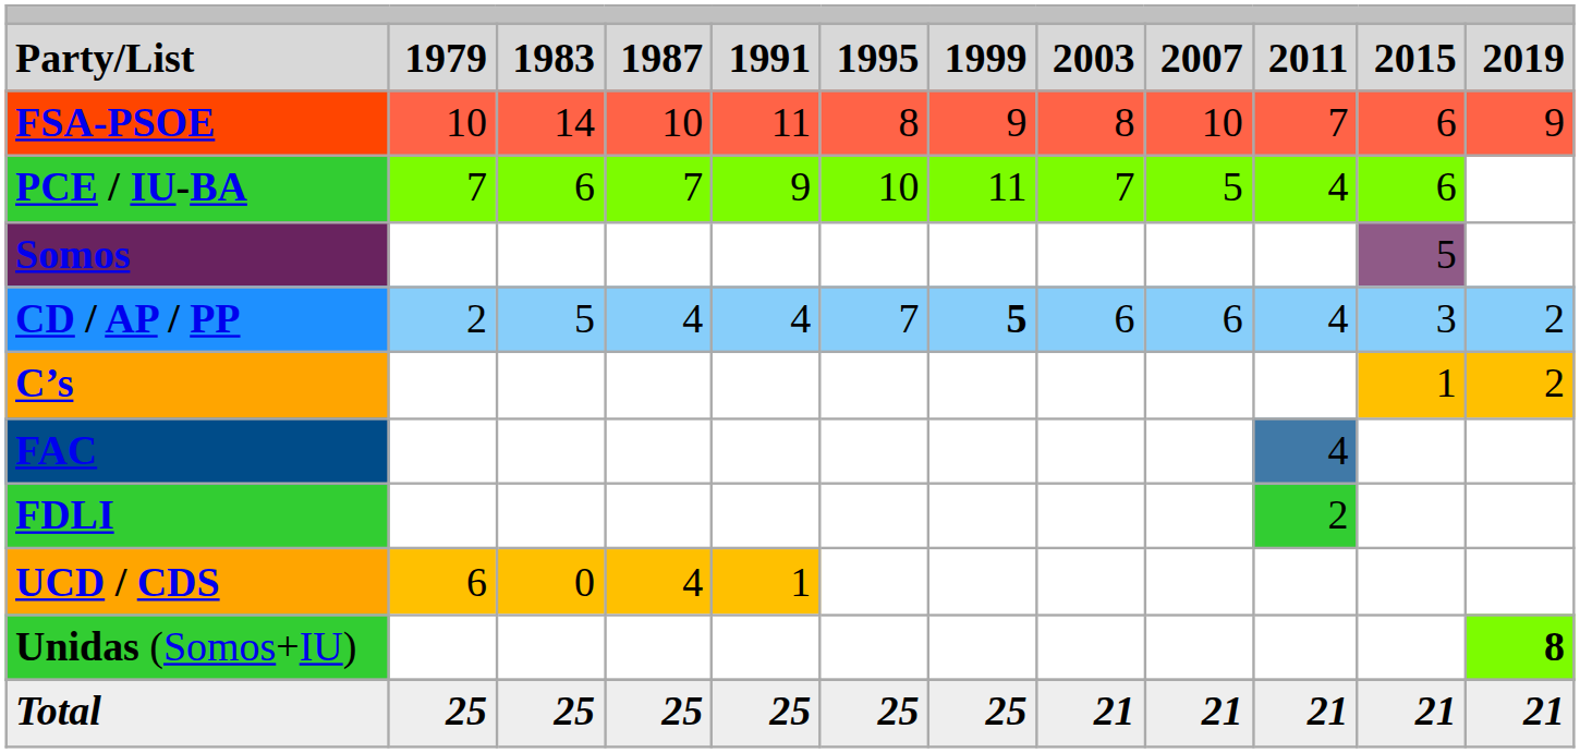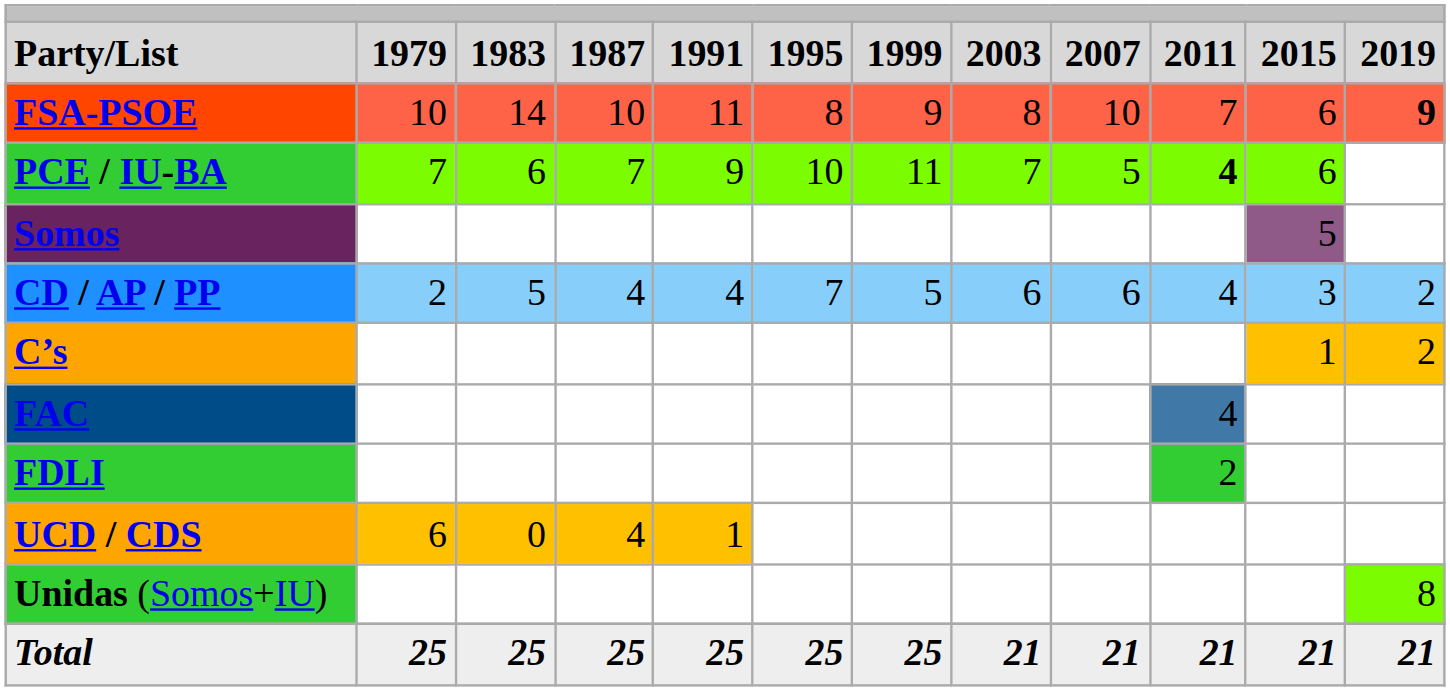 <table class="wikitable" style="margin:0 auto">
 <tr>
 <td colspan="12" width="600px" bgcolor="#C0C0C0"></td>
 </tr>
 <tr bgcolor="#D8D8D8">
 <td><strong>Party/List</strong></td>
 <td align="right"><strong>1979</strong></td>
 <td align="right"><strong>1983</strong></td>
 <td align="right"><strong>1987</strong></td>
 <td align="right"><strong>1991</strong></td>
 <td align="right"><strong>1995</strong></td>
 <td align="right"><strong>1999</strong></td>
 <td align="right"><strong>2003</strong></td>
 <td align="right"><strong>2007</strong></td>
 <td align="right"><strong>2011</strong></td>
 <td align="right"><strong>2015</strong></td>
 <td align="right"><strong>2019</strong></td>
 </tr>
 <tr>
 <td bgcolor="#FF4500"><strong><a href='#'>FSA-PSOE</a></strong></td>
 <td bgcolor="#FF6347" align="right">10</td>
 <td bgcolor="#FF6347" align="right">14</td>
 <td bgcolor="#FF6347" align="right">10</td>
 <td bgcolor="#FF6347" align="right">11</td>
 <td bgcolor="#FF6347" align="right">8</td>
 <td bgcolor="#FF6347" align="right">9</td>
 <td bgcolor="#FF6347" align="right">8</td>
 <td bgcolor="#FF6347" align="right">10</td>
 <td bgcolor="#FF6347" align="right">7</td>
 <td bgcolor="#FF6347" align="right">6</td>
-<td bgcolor="#FF6347" align="right">9</td>
+<td bgcolor="#FF6347" align="right"><strong>9</strong></td>
 </tr>
 <tr>
 <td bgcolor="#32CD32"><strong><a href='#'>PCE</a> / <a href='#'>IU</a>-<a href='#'>BA</a></strong></td>
 <td bgcolor="#7CFC00" align="right">7</td>
 <td bgcolor="#7CFC00" align="right">6</td>
 <td bgcolor="#7CFC00" align="right">7</td>
 <td bgcolor="#7CFC00" align="right">9</td>
 <td bgcolor="#7CFC00" align="right">10</td>
 <td bgcolor="#7CFC00" align="right">11</td>
 <td bgcolor="#7CFC00" align="right">7</td>
 <td bgcolor="#7CFC00" align="right">5</td>
-<td bgcolor="#7CFC00" align="right">4</td>
+<td bgcolor="#7CFC00" align="right"><strong>4</strong></td>
 <td bgcolor="#7CFC00" align="right">6</td>
 <td bgcolor="#FFFFFF" align="right"></td>
 </tr>
 <tr>
 <td bgcolor="#69235F"><strong><a href='#'>Somos</a></strong></td>
 <td bgcolor="#FFFFFF" align="right"></td>
 <td bgcolor="#FFFFFF" align="right"></td>
 <td bgcolor="#FFFFFF" align="right"></td>
 <td bgcolor="#FFFFFF" align="right"></td>
 <td bgcolor="#FFFFFF" align="right"></td>
 <td bgcolor="#FFFFFF" align="right"></td>
 <td bgcolor="#FFFFFF" align="right"></td>
 <td bgcolor="#FFFFFF" align="right"></td>
 <td bgcolor="#FFFFFF" align="right"></td>
 <td bgcolor="#8F5A87" align="right">5</td>
 <td bgcolor="#FFFFFF" align="right"></td>
 </tr>
 <tr>
 <td bgcolor="#1E90FF"><strong><a href='#'>CD</a> / <a href='#'>AP</a> / <a href='#'>PP</a></strong></td>
 <td bgcolor="#87CEFA" align="right">2</td>
 <td bgcolor="#87CEFA" align="right">5</td>
 <td bgcolor="#87CEFA" align="right">4</td>
 <td bgcolor="#87CEFA" align="right">4</td>
 <td bgcolor="#87CEFA" align="right">7</td>
-<td bgcolor="#87CEFA" align="right"><strong>5</strong></td>
+<td bgcolor="#87CEFA" align="right">5</td>
 <td bgcolor="#87CEFA" align="right">6</td>
 <td bgcolor="#87CEFA" align="right">6</td>
 <td bgcolor="#87CEFA" align="right">4</td>
 <td bgcolor="#87CEFA" align="right">3</td>
 <td bgcolor="#87CEFA" align="right">2</td>
 </tr>
 <tr>
 <td bgcolor="#FFA500"><strong><a href='#'>C’s</a></strong></td>
 <td bgcolor="#FFFFFF" align="right"></td>
 <td bgcolor="#FFFFFF" align="right"></td>
 <td bgcolor="#FFFFFF" align="right"></td>
 <td bgcolor="#FFFFFF" align="right"></td>
 <td bgcolor="#FFFFFF" align="right"></td>
 <td bgcolor="#FFFFFF" align="right"></td>
 <td bgcolor="#FFFFFF" align="right"></td>
 <td bgcolor="#FFFFFF" align="right"></td>
 <td bgcolor="#FFFFFF" align="right"></td>
 <td bgcolor="#FFC000" align="right">1</td>
 <td bgcolor="#FFC000" align="right">2</td>
 </tr>
 <tr>
 <td bgcolor="#004C89"><strong><a href='#'><span>FAC</span></a></strong></td>
 <td bgcolor="#FFFFFF" align="right"></td>
 <td bgcolor="#FFFFFF" align="right"></td>
 <td bgcolor="#FFFFFF" align="right"></td>
 <td bgcolor="#FFFFFF" align="right"></td>
 <td bgcolor="#FFFFFF" align="right"></td>
 <td bgcolor="#FFFFFF" align="right"></td>
 <td bgcolor="#FFFFFF" align="right"></td>
 <td bgcolor="#FFFFFF" align="right"></td>
 <td bgcolor="#4079A7" align="right">4</td>
 <td bgcolor="#FFFFFF" align="right"></td>
 <td bgcolor="#FFFFFF" align="right"></td>
 </tr>
 <tr>
 <td bgcolor="#32CD32"><strong><a href='#'>FDLI</a></strong></td>
 <td bgcolor="#FFFFFF" align="right"></td>
 <td bgcolor="#FFFFFF" align="right"></td>
 <td bgcolor="#FFFFFF" align="right"></td>
 <td bgcolor="#FFFFFF" align="right"></td>
 <td bgcolor="#FFFFFF" align="right"></td>
 <td bgcolor="#FFFFFF" align="right"></td>
 <td bgcolor="#FFFFFF" align="right"></td>
 <td bgcolor="#FFFFFF" align="right"></td>
 <td bgcolor="#32CD32" align="right">2</td>
 <td bgcolor="#FFFFFF" align="right"></td>
 <td bgcolor="#FFFFFF" align="right"></td>
 </tr>
 <tr>
 <td bgcolor="#FFA500"><strong><a href='#'>UCD</a> / <a href='#'>CDS</a></strong></td>
 <td bgcolor="#ffC000" align="right">6</td>
 <td bgcolor="#ffC000" align="right">0</td>
 <td bgcolor="#ffC000" align="right">4</td>
 <td bgcolor="#ffC000" align="right">1</td>
 <td bgcolor="#FFFFFF" align="right"></td>
 <td bgcolor="#FFFFFF" align="right"></td>
 <td bgcolor="#FFFFFF" align="right"></td>
 <td bgcolor="#FFFFFF" align="right"></td>
 <td bgcolor="#FFFFFF" align="right"></td>
 <td bgcolor="#FFFFFF" align="right"></td>
 <td bgcolor="#FFFFFF" align="right"></td>
 </tr>
 <tr>
 <td bgcolor="#32CD32"><strong>Unidas</strong> (<a href='#'>Somos</a>+<a href='#'>IU</a>)</td>
 <td bgcolor="#FFFFFF" align="right"></td>
 <td bgcolor="#FFFFFF" align="right"></td>
 <td bgcolor="#FFFFFF" align="right"></td>
 <td bgcolor="#FFFFFF" align="right"></td>
 <td bgcolor="#FFFFFF" align="right"></td>
 <td bgcolor="#FFFFFF" align="right"></td>
 <td bgcolor="#FFFFFF" align="right"></td>
 <td bgcolor="#FFFFFF" align="right"></td>
 <td bgcolor="#FFFFFF" align="right"></td>
 <td bgcolor="#FFFFFF" align="right"></td>
-<td bgcolor="#7CFC00" align="right"><strong>8</strong></td>
+<td bgcolor="#7CFC00" align="right">8</td>
 </tr>
 <tr>
 </tr>
 <tr bgcolor="#EEEEEE">
 <td><strong><em>Total</em></strong></td>
 <td align="right"><strong><em>25</em></strong></td>
 <td align="right"><strong><em>25</em></strong></td>
 <td align="right"><strong><em>25</em></strong></td>
 <td align="right"><strong><em>25</em></strong></td>
 <td align="right"><strong><em>25</em></strong></td>
 <td align="right"><strong><em>25</em></strong></td>
 <td align="right"><strong><em>21</em></strong></td>
 <td align="right"><strong><em>21</em></strong></td>
 <td align="right"><strong><em>21</em></strong></td>
 <td align="right"><strong><em>21</em></strong></td>
 <td align="right"><strong><em>21</em></strong></td>
 </tr>
 </table>
